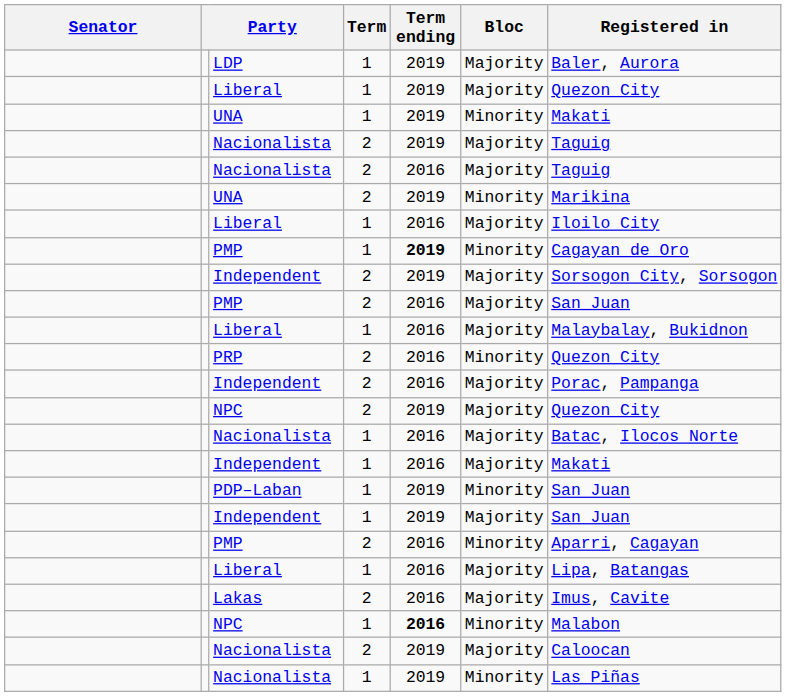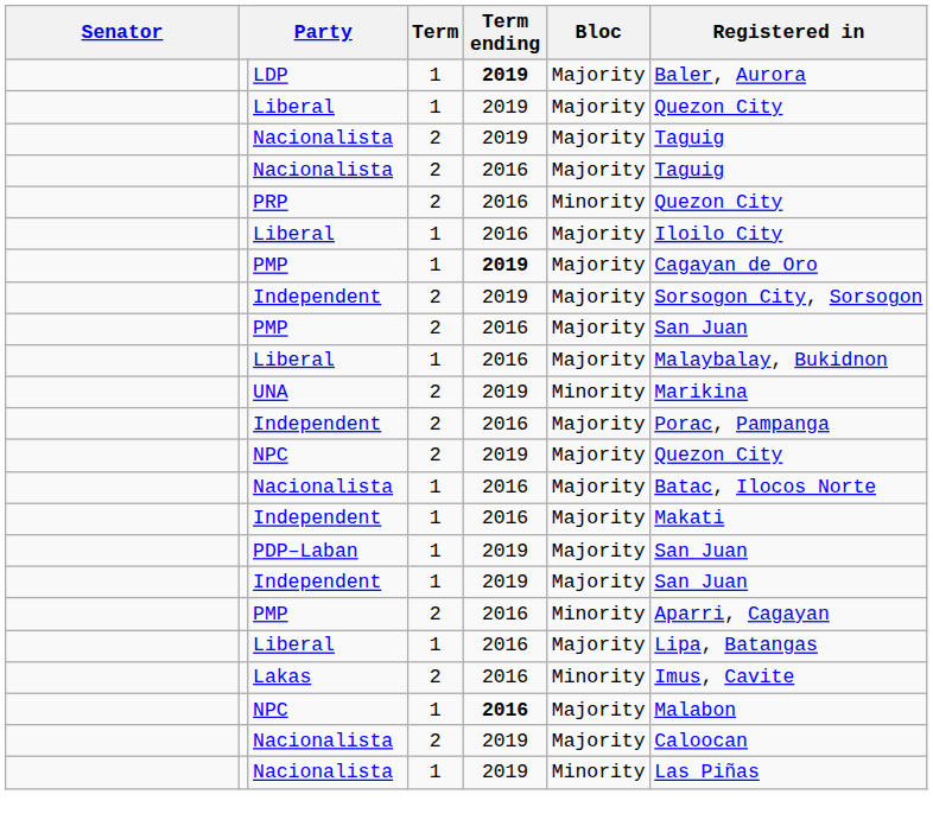 <table class="wikitable sortable">
 <tr>
 <th width="150px"><a href='#'>Senator</a></th>
 <th colspan="2"><a href='#'>Party</a></th>
 <th>Term</th>
 <th width="50px">Term ending</th>
 <th>Bloc</th>
 <th>Registered in</th>
 </tr>
 <tr>
 <td></td>
 <td></td>
 <td width="100px"><a href='#'>LDP</a></td>
 <td align="center">1</td>
-<td align="center">2019</td>
+<td align="center"><strong>2019</strong></td>
 <td>Majority</td>
 <td><a href='#'>Baler</a>, <a href='#'>Aurora</a></td>
 </tr>
 <tr>
 <td></td>
 <td></td>
 <td><a href='#'>Liberal</a></td>
 <td align="center">1</td>
 <td align="center">2019</td>
 <td>Majority</td>
 <td><a href='#'>Quezon City</a></td>
-</tr>
-<tr>
-<td></td>
-<td></td>
-<td><a href='#'>UNA</a></td>
-<td align="center">1</td>
-<td align="center">2019</td>
-<td>Minority</td>
-<td><a href='#'>Makati</a></td>
 </tr>
 <tr>
 <td></td>
 <td></td>
 <td><a href='#'>Nacionalista</a></td>
 <td align="center">2</td>
 <td align="center">2019</td>
 <td>Majority</td>
 <td><a href='#'>Taguig</a></td>
 </tr>
 <tr>
 <td></td>
 <td></td>
 <td><a href='#'>Nacionalista</a></td>
 <td align="center">2</td>
 <td align="center">2016</td>
 <td>Majority</td>
 <td><a href='#'>Taguig</a></td>
 </tr>
 <tr>
 <td></td>
 <td></td>
-<td><a href='#'>UNA</a></td>
+<td><a href='#'>PRP</a></td>
 <td align="center">2</td>
-<td align="center">2019</td>
+<td align="center">2016</td>
 <td>Minority</td>
-<td><a href='#'>Marikina</a></td>
+<td><a href='#'>Quezon City</a></td>
 </tr>
 <tr>
 <td></td>
 <td></td>
 <td><a href='#'>Liberal</a></td>
 <td align="center">1</td>
 <td align="center">2016</td>
 <td>Majority</td>
 <td><a href='#'>Iloilo City</a></td>
 </tr>
 <tr>
 <td></td>
 <td></td>
 <td><a href='#'>PMP</a></td>
 <td align="center">1</td>
 <td align="center"><strong>2019</strong></td>
-<td>Minority</td>
+<td>Majority</td>
 <td><a href='#'>Cagayan de Oro</a></td>
 </tr>
 <tr>
 <td></td>
 <td></td>
 <td><a href='#'>Independent</a></td>
 <td align="center">2</td>
 <td align="center">2019</td>
 <td>Majority</td>
 <td><a href='#'>Sorsogon City</a>, <a href='#'>Sorsogon</a></td>
 </tr>
 <tr>
 <td></td>
 <td></td>
 <td><a href='#'>PMP</a></td>
 <td align="center">2</td>
 <td align="center">2016</td>
 <td>Majority</td>
 <td><a href='#'>San Juan</a></td>
 </tr>
 <tr>
 <td></td>
 <td></td>
 <td><a href='#'>Liberal</a></td>
 <td align="center">1</td>
 <td align="center">2016</td>
 <td>Majority</td>
 <td><a href='#'>Malaybalay</a>, <a href='#'>Bukidnon</a></td>
 </tr>
 <tr>
 <td></td>
 <td></td>
-<td><a href='#'>PRP</a></td>
+<td><a href='#'>UNA</a></td>
 <td align="center">2</td>
-<td align="center">2016</td>
+<td align="center">2019</td>
 <td>Minority</td>
-<td><a href='#'>Quezon City</a></td>
+<td><a href='#'>Marikina</a></td>
 </tr>
 <tr>
 <td></td>
 <td></td>
 <td><a href='#'>Independent</a></td>
 <td align="center">2</td>
 <td align="center">2016</td>
 <td>Majority</td>
 <td><a href='#'>Porac</a>, <a href='#'>Pampanga</a></td>
 </tr>
 <tr>
 <td></td>
 <td></td>
 <td><a href='#'>NPC</a></td>
 <td align="center">2</td>
 <td align="center">2019</td>
 <td>Majority</td>
 <td><a href='#'>Quezon City</a></td>
 </tr>
 <tr>
 <td></td>
 <td></td>
 <td><a href='#'>Nacionalista</a></td>
 <td align="center">1</td>
 <td align="center">2016</td>
 <td>Majority</td>
 <td><a href='#'>Batac</a>, <a href='#'>Ilocos Norte</a></td>
 </tr>
 <tr>
 <td></td>
 <td></td>
 <td><a href='#'>Independent</a></td>
 <td align="center">1</td>
 <td align="center">2016</td>
 <td>Majority</td>
 <td><a href='#'>Makati</a></td>
 </tr>
 <tr>
 <td></td>
 <td></td>
 <td><a href='#'>PDP–Laban</a></td>
 <td align="center">1</td>
 <td align="center">2019</td>
-<td>Minority</td>
+<td>Majority</td>
 <td><a href='#'>San Juan</a></td>
 </tr>
 <tr>
 <td></td>
 <td></td>
 <td><a href='#'>Independent</a></td>
 <td align="center">1</td>
 <td align="center">2019</td>
 <td>Majority</td>
 <td><a href='#'>San Juan</a></td>
 </tr>
 <tr>
 <td></td>
 <td></td>
 <td><a href='#'>PMP</a></td>
 <td align="center">2</td>
 <td align="center">2016</td>
 <td>Minority</td>
 <td><a href='#'>Aparri</a>, <a href='#'>Cagayan</a></td>
 </tr>
 <tr>
 <td></td>
 <td></td>
 <td><a href='#'>Liberal</a></td>
 <td align="center">1</td>
 <td align="center">2016</td>
 <td>Majority</td>
 <td><a href='#'>Lipa</a>, <a href='#'>Batangas</a></td>
 </tr>
 <tr>
 <td></td>
 <td></td>
 <td><a href='#'>Lakas</a></td>
 <td align="center">2</td>
 <td align="center">2016</td>
-<td>Majority</td>
+<td>Minority</td>
 <td><a href='#'>Imus</a>, <a href='#'>Cavite</a></td>
 </tr>
 <tr>
 <td></td>
 <td></td>
 <td><a href='#'>NPC</a></td>
 <td align="center">1</td>
 <td align="center"><strong>2016</strong></td>
-<td>Minority</td>
+<td>Majority</td>
 <td><a href='#'>Malabon</a></td>
 </tr>
 <tr>
 <td></td>
 <td></td>
 <td><a href='#'>Nacionalista</a></td>
 <td align="center">2</td>
 <td align="center">2019</td>
 <td>Majority</td>
 <td><a href='#'>Caloocan</a></td>
 </tr>
 <tr>
 <td></td>
 <td></td>
 <td><a href='#'>Nacionalista</a></td>
 <td align="center">1</td>
 <td align="center">2019</td>
 <td>Minority</td>
 <td><a href='#'>Las Piñas</a></td>
 </tr>
 </table>
